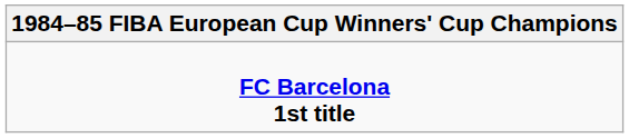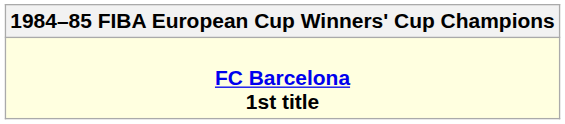 <table class=wikitable style="text-align:center; margin:auto">
 <tr>
 <th>1984–85 FIBA European Cup Winners' Cup Champions</th>
 </tr>
 <tr>
-<td><br> <strong><a href='#'>FC Barcelona</a></strong> <br> <strong>1st title</strong></td>
+<td style="background: lightyellow;"><br> <strong><a href='#'>FC Barcelona</a></strong> <br> <strong>1st title</strong></td>
 </tr>
 </table>
